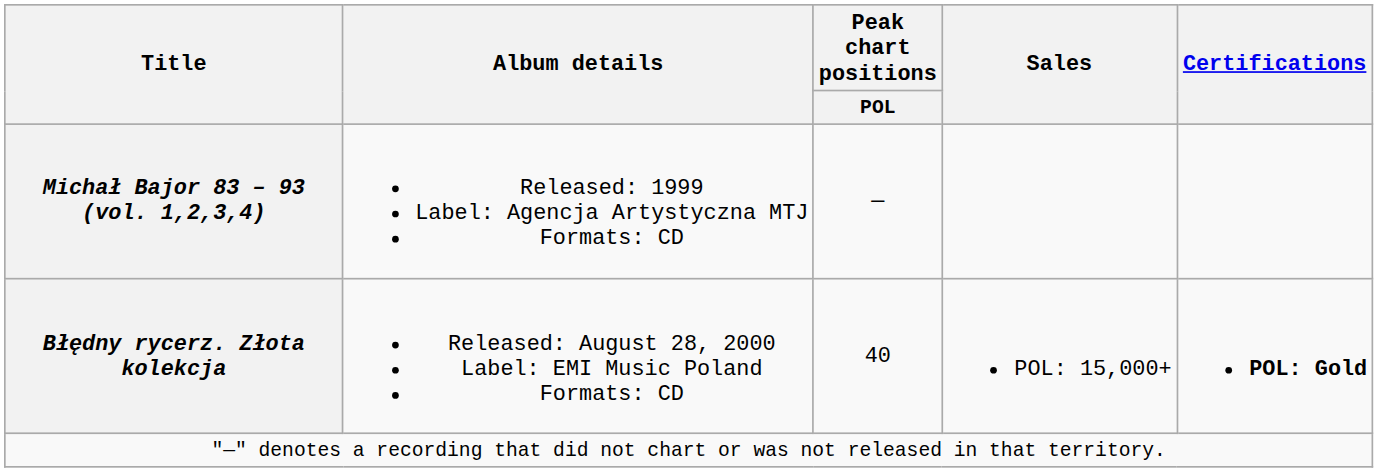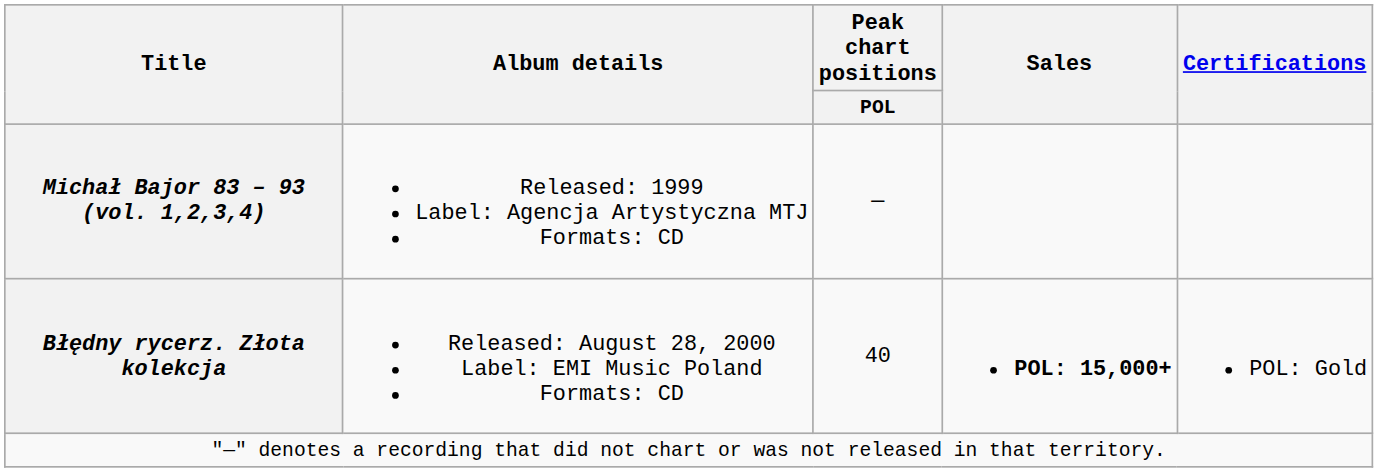 <table class="wikitable plainrowheaders" style="text-align:center;">
 <tr>
 <th scope="col" rowspan="2" style="width:15em;">Title</th>
 <th scope="col" rowspan="2">Album details</th>
 <th scope="col" colspan="1">Peak chart positions</th>
 <th scope="col" rowspan="2">Sales</th>
 <th scope="col" rowspan="2"><a href='#'>Certifications</a></th>
 </tr>
 <tr>
 <th scope="col" style="width:3em;font-size:90%;">POL<br></th>
 </tr>
 <tr>
 <th scope="row"><em>Michał Bajor 83 – 93 (vol. 1,2,3,4)</em></th>
 <td><br><ul><li>Released: 1999</li><li>Label: Agencja Artystyczna MTJ</li><li>Formats: CD</li></ul></td>
 <td>—</td>
 <td></td>
 <td></td>
 </tr>
 <tr>
 <th scope="row"><em>Błędny rycerz. Złota kolekcja</em></th>
 <td><br><ul><li>Released: August 28, 2000</li><li>Label: EMI Music Poland</li><li>Formats: CD</li></ul></td>
 <td>40</td>
-<td><br><ul><li>POL: 15,000+</li></ul></td>
-<td><strong><br><ul><li>POL: Gold</li></ul></strong></td>
+<td><strong><br><ul><li>POL: 15,000+</li></ul></strong></td>
+<td><br><ul><li>POL: Gold</li></ul></td>
 </tr>
 <tr>
 <td colspan="20" style="font-size:90%">"—" denotes a recording that did not chart or was not released in that territory.</td>
 </tr>
 </table>
